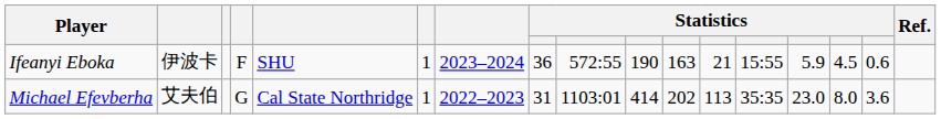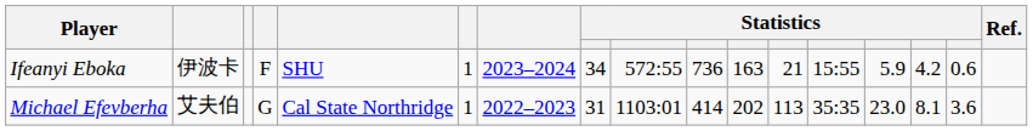 <table class="wikitable sortable" style="font-size:95%; text-align:right;">
 <tr>
 <th rowspan="2">Player</th>
 <th rowspan="2"></th>
 <th rowspan="2"></th>
 <th rowspan="2"></th>
 <th rowspan="2"></th>
 <th rowspan="2"></th>
 <th rowspan="2"></th>
 <th colspan="9">Statistics</th>
 <th rowspan="2">Ref.</th>
 </tr>
 <tr>
 <th></th>
 <th></th>
 <th></th>
 <th></th>
 <th></th>
 <th></th>
 <th></th>
 <th></th>
 <th></th>
 </tr>
 <tr>
 <td align="left"><em>Ifeanyi Eboka</em></td>
 <td align="left">伊波卡</td>
 <td align="center"></td>
 <td align="center">F</td>
 <td align="left"><a href='#'>SHU</a></td>
 <td align="center">1</td>
 <td align="center"><a href='#'>2023–2024</a></td>
-<td>36</td>
+<td>34</td>
 <td>572:55</td>
-<td>190</td>
+<td>736</td>
 <td>163</td>
 <td>21</td>
 <td>15:55</td>
 <td>5.9</td>
-<td>4.5</td>
+<td>4.2</td>
 <td>0.6</td>
 <td align="center"></td>
 </tr>
 <tr>
 <td align="left"><em><a href='#'>Michael Efevberha</a></em></td>
 <td align="left">艾夫伯</td>
 <td align="center"></td>
 <td align="center">G</td>
 <td align="left"><a href='#'>Cal State Northridge</a></td>
 <td align="center">1</td>
 <td align="center"><a href='#'>2022–2023</a></td>
 <td>31</td>
 <td>1103:01</td>
 <td>414</td>
 <td>202</td>
 <td>113</td>
 <td>35:35</td>
 <td>23.0</td>
-<td>8.0</td>
+<td>8.1</td>
 <td>3.6</td>
 <td align="center"></td>
 </tr>
 </table>
